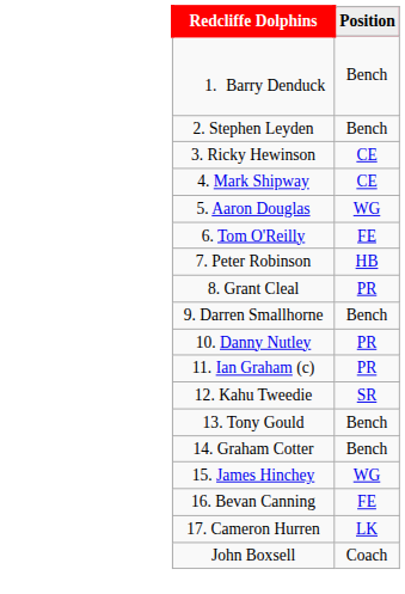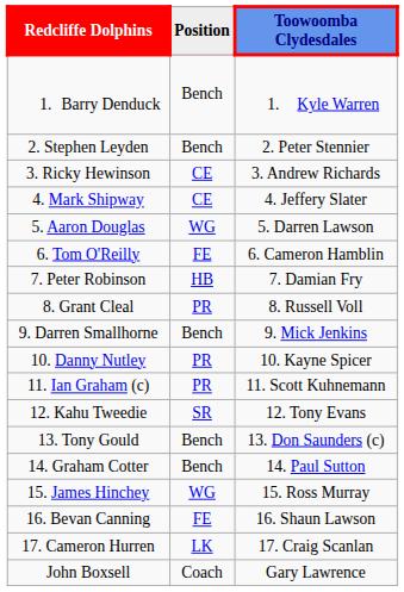 <table class="wikitable" style="float:right; font-size:90%; text-align:center; margin-left:1em;">
 <tr style="background:#f03;">
 <th align="centre" width="136" style="border: 3px solid red; background: red; color: white">Redcliffe Dolphins</th>
 <th align="center" style="background: #eeeeee; color: black">Position</th>
+<th align="centre" width="136" style="border: 3px solid red; background: #6495ED; color: #000080">Toowoomba Clydesdales</th>
 </tr>
 <tr>
 <td><br><ol><li>Barry Denduck</li></ol></td>
 <td>Bench</td>
+<td><br><ol><li><a href='#'>Kyle Warren</a></li></ol></td>
 </tr>
 <tr>
 <td>2. Stephen Leyden</td>
 <td>Bench</td>
+<td>2. Peter Stennier</td>
 </tr>
 <tr>
 <td>3. Ricky Hewinson</td>
 <td><a href='#'>CE</a></td>
+<td>3. Andrew Richards</td>
 </tr>
 <tr>
 <td>4. <a href='#'>Mark Shipway</a></td>
 <td><a href='#'>CE</a></td>
+<td>4. Jeffery Slater</td>
 </tr>
 <tr>
 <td>5. <a href='#'>Aaron Douglas</a></td>
 <td><a href='#'>WG</a></td>
+<td>5. Darren Lawson</td>
 </tr>
 <tr>
 <td>6. <a href='#'>Tom O'Reilly</a></td>
 <td><a href='#'>FE</a></td>
+<td>6. Cameron Hamblin</td>
 </tr>
 <tr>
 <td>7. Peter Robinson</td>
 <td><a href='#'>HB</a></td>
+<td>7. Damian Fry</td>
 </tr>
 <tr>
 <td>8. Grant Cleal</td>
 <td><a href='#'>PR</a></td>
+<td>8. Russell Voll</td>
 </tr>
 <tr>
 <td>9. Darren Smallhorne</td>
 <td>Bench</td>
+<td>9. <a href='#'>Mick Jenkins</a></td>
 </tr>
 <tr>
 <td>10. <a href='#'>Danny Nutley</a></td>
 <td><a href='#'>PR</a></td>
+<td>10. Kayne Spicer</td>
 </tr>
 <tr>
 <td>11. <a href='#'>Ian Graham</a> (c)</td>
 <td><a href='#'>PR</a></td>
+<td>11. Scott Kuhnemann</td>
 </tr>
 <tr>
 <td>12. Kahu Tweedie</td>
 <td><a href='#'>SR</a></td>
+<td>12. Tony Evans</td>
 </tr>
 <tr>
 <td>13. Tony Gould</td>
 <td>Bench</td>
+<td>13. <a href='#'>Don Saunders</a> (c)</td>
 </tr>
 <tr>
 <td>14. Graham Cotter</td>
 <td>Bench</td>
+<td>14. <a href='#'>Paul Sutton</a></td>
 </tr>
 <tr>
 <td>15. <a href='#'>James Hinchey</a></td>
 <td><a href='#'>WG</a></td>
+<td>15. Ross Murray</td>
 </tr>
 <tr>
 <td>16. Bevan Canning</td>
 <td><a href='#'>FE</a></td>
+<td>16. Shaun Lawson</td>
 </tr>
 <tr>
 <td>17. Cameron Hurren</td>
 <td><a href='#'>LK</a></td>
+<td>17. Craig Scanlan</td>
 </tr>
 <tr>
 <td>John Boxsell</td>
 <td>Coach</td>
+<td>Gary Lawrence</td>
 </tr>
 </table>
